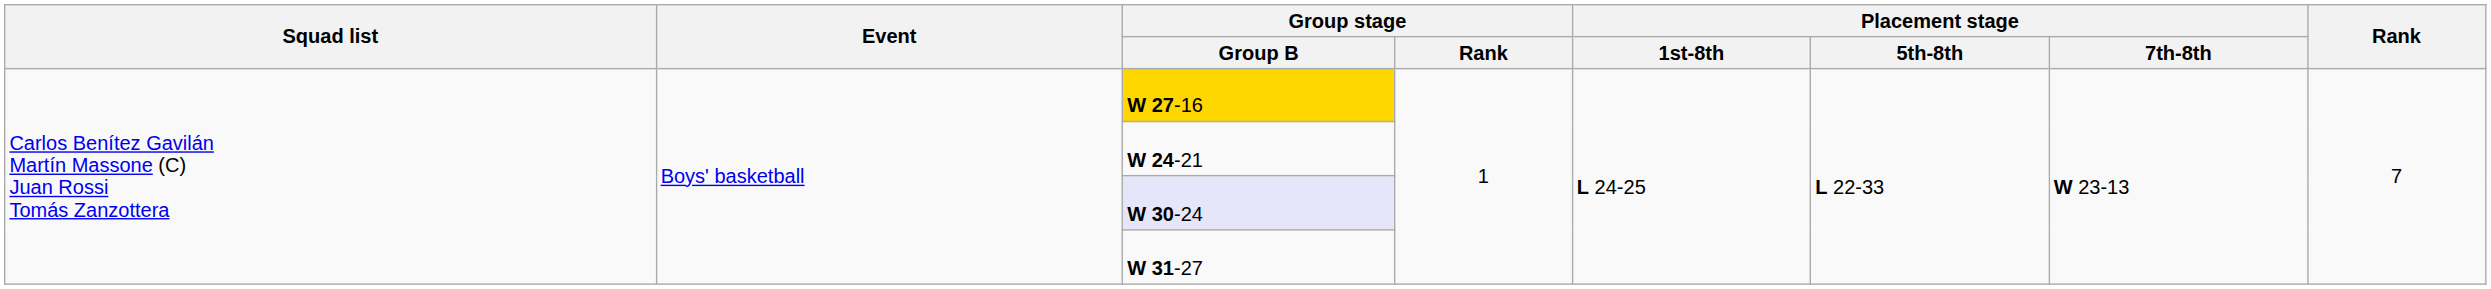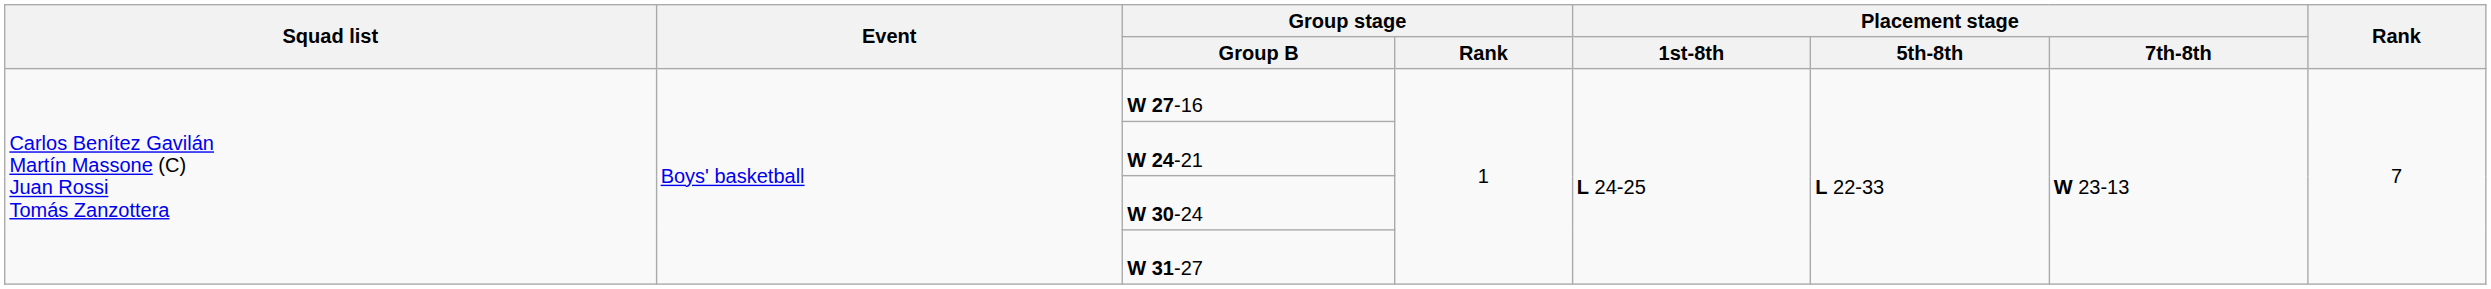 <table class="wikitable" width="90%" style="text-align:left; font-size:90%">
 <tr>
 <th rowspan="2">Squad list</th>
 <th rowspan="2">Event</th>
 <th colspan="2">Group stage</th>
 <th colspan="3">Placement stage</th>
 <th rowspan="2">Rank</th>
 </tr>
 <tr>
 <th>Group B</th>
 <th>Rank</th>
 <th>1st-8th</th>
 <th>5th-8th</th>
 <th>7th-8th</th>
 </tr>
 <tr>
 <td rowspan="4"><a href='#'>Carlos Benítez Gavilán</a><br><a href='#'>Martín Massone</a> (C)<br><a href='#'>Juan Rossi</a><br><a href='#'>Tomás Zanzottera</a></td>
 <td rowspan="4"><a href='#'>Boys' basketball</a></td>
-<td style="background: gold;"><br><strong>W 27</strong>-16</td>
+<td><br><strong>W 27</strong>-16</td>
 <td rowspan="4" align=center>1</td>
 <td rowspan="4"><br><strong>L</strong> 24-25</td>
 <td rowspan="4"><br><strong>L</strong> 22-33</td>
 <td rowspan="4"><br><strong>W</strong> 23-13</td>
 <td rowspan="4" align="center">7</td>
 </tr>
 <tr>
 <td><br><strong>W 24</strong>-21</td>
 </tr>
 <tr>
-<td style="background: lavender;"><br><strong>W 30</strong>-24</td>
+<td><br><strong>W 30</strong>-24</td>
 </tr>
 <tr>
 <td><br><strong>W 31</strong>-27</td>
 </tr>
 </table>
